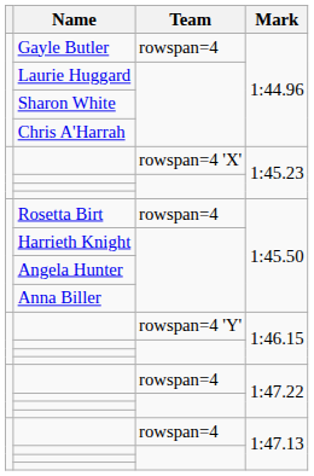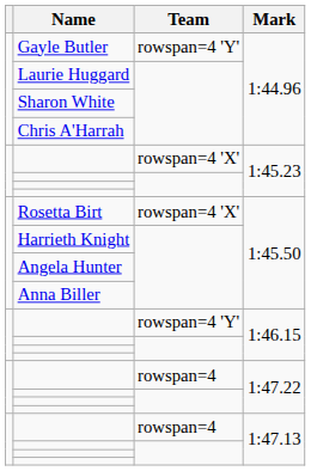 <table class=wikitable>
 <tr>
 <th></th>
 <th>Name</th>
 <th>Team</th>
 <th>Mark</th>
 </tr>
 <tr>
 <td rowspan=4></td>
 <td><a href='#'>Gayle Butler</a></td>
-<td>rowspan=4 </td>
+<td>rowspan=4  'Y'</td>
 <td rowspan=4>1:44.96</td>
 </tr>
 <tr>
 <td><a href='#'>Laurie Huggard</a></td>
 </tr>
 <tr>
 <td><a href='#'>Sharon White</a></td>
 </tr>
 <tr>
 <td><a href='#'>Chris A'Harrah</a></td>
 </tr>
 <tr>
 <td rowspan=4></td>
 <td></td>
 <td>rowspan=4  'X'</td>
 <td rowspan=4>1:45.23</td>
 </tr>
 <tr>
 <td></td>
 </tr>
 <tr>
 <td></td>
 </tr>
 <tr>
 <td></td>
 </tr>
 <tr>
 <td rowspan=4></td>
 <td><a href='#'>Rosetta Birt</a></td>
-<td>rowspan=4 </td>
+<td>rowspan=4  'X'</td>
 <td rowspan=4>1:45.50</td>
 </tr>
 <tr>
 <td><a href='#'>Harrieth Knight</a></td>
 </tr>
 <tr>
 <td><a href='#'>Angela Hunter</a></td>
 </tr>
 <tr>
 <td><a href='#'>Anna Biller</a></td>
 </tr>
 <tr>
 <td rowspan=4></td>
 <td></td>
 <td>rowspan=4  'Y'</td>
 <td rowspan=4>1:46.15</td>
 </tr>
 <tr>
 <td></td>
 </tr>
 <tr>
 <td></td>
 </tr>
 <tr>
 <td></td>
 </tr>
 <tr>
 <td rowspan=4></td>
 <td></td>
 <td>rowspan=4 </td>
 <td rowspan=4>1:47.22</td>
 </tr>
 <tr>
 <td></td>
 </tr>
 <tr>
 <td></td>
 </tr>
 <tr>
 <td></td>
 </tr>
 <tr>
 <td rowspan=4></td>
 <td></td>
 <td>rowspan=4 </td>
 <td rowspan=4>1:47.13</td>
 </tr>
 <tr>
 <td></td>
 </tr>
 <tr>
 <td></td>
 </tr>
 <tr>
 <td></td>
 </tr>
 </table>
